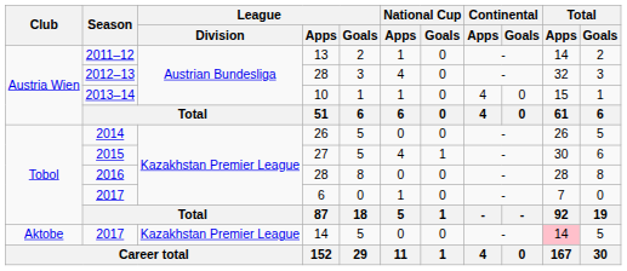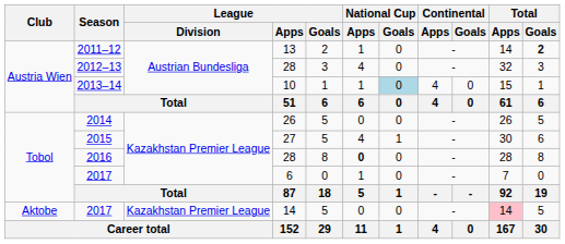 <table class="wikitable" style="text-align: center;">
 <tr>
 <th rowspan="2">Club</th>
 <th rowspan="2">Season</th>
 <th colspan="3">League</th>
 <th colspan="2">National Cup</th>
 <th colspan="2">Continental</th>
 <th colspan="2">Total</th>
 </tr>
 <tr>
 <th>Division</th>
 <th>Apps</th>
 <th>Goals</th>
 <th>Apps</th>
 <th>Goals</th>
 <th>Apps</th>
 <th>Goals</th>
 <th>Apps</th>
 <th>Goals</th>
 </tr>
 <tr>
 <td rowspan="4" valign="center"><a href='#'>Austria Wien</a></td>
 <td><a href='#'>2011–12</a></td>
 <td rowspan="3" valign="center"><a href='#'>Austrian Bundesliga</a></td>
 <td>13</td>
 <td>2</td>
 <td>1</td>
 <td>0</td>
 <td colspan="2">-</td>
 <td>14</td>
-<td>2</td>
+<td><strong>2</strong></td>
 </tr>
 <tr>
 <td><a href='#'>2012–13</a></td>
 <td>28</td>
 <td>3</td>
 <td>4</td>
 <td>0</td>
 <td colspan="2">-</td>
 <td>32</td>
 <td>3</td>
 </tr>
 <tr>
 <td><a href='#'>2013–14</a></td>
 <td>10</td>
 <td>1</td>
 <td>1</td>
-<td>0</td>
+<td style="background: lightblue;">0</td>
 <td>4</td>
 <td>0</td>
 <td>15</td>
 <td>1</td>
 </tr>
 <tr>
 <th colspan="2">Total</th>
 <th>51</th>
 <th>6</th>
 <th>6</th>
 <th>0</th>
 <th>4</th>
 <th>0</th>
 <th>61</th>
 <th>6</th>
 </tr>
 <tr>
 <td rowspan="5" valign="center"><a href='#'>Tobol</a></td>
 <td><a href='#'>2014</a></td>
 <td rowspan="4" valign="center"><a href='#'>Kazakhstan Premier League</a></td>
 <td>26</td>
 <td>5</td>
 <td>0</td>
 <td>0</td>
 <td colspan="2">-</td>
 <td>26</td>
 <td>5</td>
 </tr>
 <tr>
 <td><a href='#'>2015</a></td>
 <td>27</td>
 <td>5</td>
 <td>4</td>
 <td>1</td>
 <td colspan="2">-</td>
 <td>30</td>
 <td>6</td>
 </tr>
 <tr>
 <td><a href='#'>2016</a></td>
 <td>28</td>
 <td>8</td>
-<td>0</td>
+<td><strong>0</strong></td>
 <td>0</td>
 <td colspan="2">-</td>
 <td>28</td>
 <td>8</td>
 </tr>
 <tr>
 <td><a href='#'>2017</a></td>
 <td>6</td>
 <td>0</td>
 <td>1</td>
 <td>0</td>
 <td colspan="2">-</td>
 <td>7</td>
 <td>0</td>
 </tr>
 <tr>
 <th colspan="2">Total</th>
 <th>87</th>
 <th>18</th>
 <th>5</th>
 <th>1</th>
 <th>-</th>
 <th>-</th>
 <th>92</th>
 <th>19</th>
 </tr>
 <tr>
 <td valign="center"><a href='#'>Aktobe</a></td>
 <td><a href='#'>2017</a></td>
 <td><a href='#'>Kazakhstan Premier League</a></td>
 <td>14</td>
 <td>5</td>
 <td>0</td>
 <td>0</td>
 <td colspan="2">-</td>
 <td style="background: pink;">14</td>
 <td>5</td>
 </tr>
 <tr>
 <th colspan="3">Career total</th>
 <th>152</th>
 <th>29</th>
 <th>11</th>
 <th>1</th>
 <th>4</th>
 <th>0</th>
 <th>167</th>
 <th>30</th>
 </tr>
 </table>
